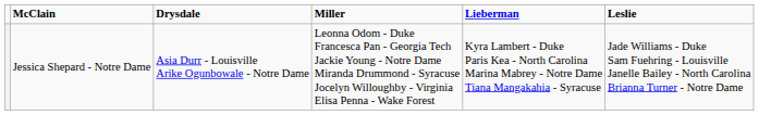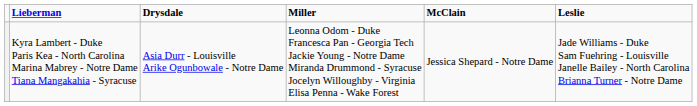 <table class="wikitable" style="white-space:nowrap; font-size:90%;">
 <tr>
 <td></td>
-<td><strong>McClain</strong></td>
+<td><strong><a href='#'>Lieberman</a></strong></td>
 <td><strong>Drysdale</strong></td>
 <td><strong>Miller</strong></td>
-<td><strong><a href='#'>Lieberman</a></strong></td>
+<td><strong>McClain</strong></td>
 <td><strong>Leslie</strong></td>
 </tr>
 <tr>
 <th></th>
-<td>Jessica Shepard - Notre Dame</td>
+<td>Kyra Lambert - Duke <br> Paris Kea - North Carolina <br> Marina Mabrey - Notre Dame <br> <a href='#'>Tiana Mangakahia</a> - Syracuse</td>
 <td><a href='#'>Asia Durr</a> - Louisville <br> <a href='#'>Arike Ogunbowale</a> - Notre Dame</td>
 <td>Leonna Odom - Duke <br> Francesca Pan - Georgia Tech <br> Jackie Young - Notre Dame <br> Miranda Drummond - Syracuse <br> Jocelyn Willoughby - Virginia <br> Elisa Penna - Wake Forest</td>
-<td>Kyra Lambert - Duke <br> Paris Kea - North Carolina <br> Marina Mabrey - Notre Dame <br> <a href='#'>Tiana Mangakahia</a> - Syracuse</td>
+<td>Jessica Shepard - Notre Dame</td>
 <td>Jade Williams - Duke <br> Sam Fuehring - Louisville <br> Janelle Bailey - North Carolina <br> <a href='#'>Brianna Turner</a> - Notre Dame</td>
 </tr>
 </table>
